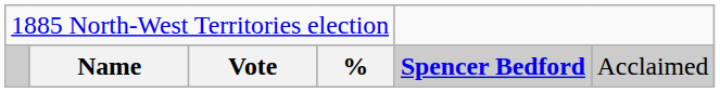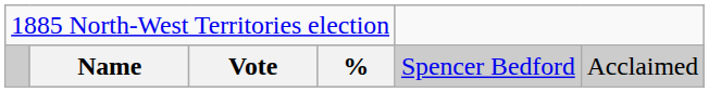 <table class="wikitable">
 <tr>
 <td colspan=4 align=center><a href='#'>1885 North-West Territories election</a></td>
 </tr>
 <tr bgcolor="CCCCCC">
 <td></td>
 <th>Name</th>
 <th>Vote</th>
 <th>%<br></th>
-<td><strong><a href='#'>Spencer Bedford</a></strong></td>
+<td><a href='#'>Spencer Bedford</a></td>
 <td colspan="2" align=center>Acclaimed</td>
 </tr>
 </table>
